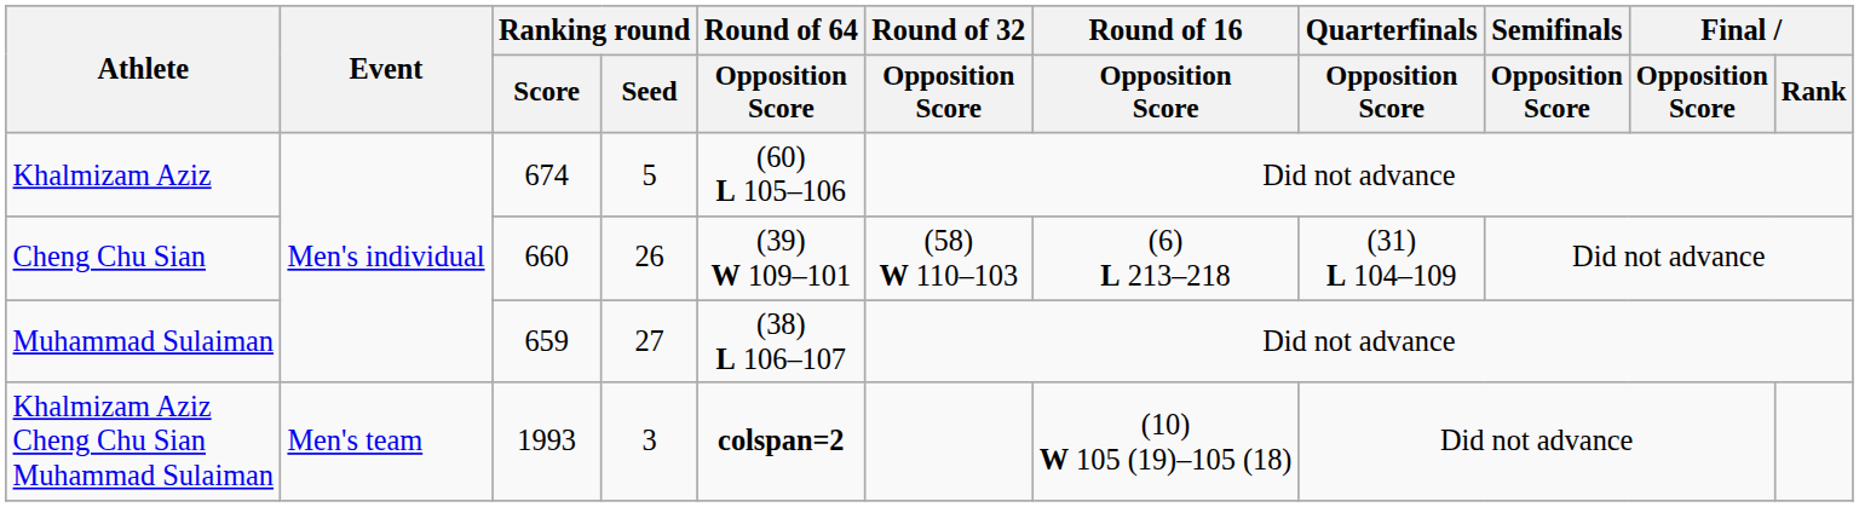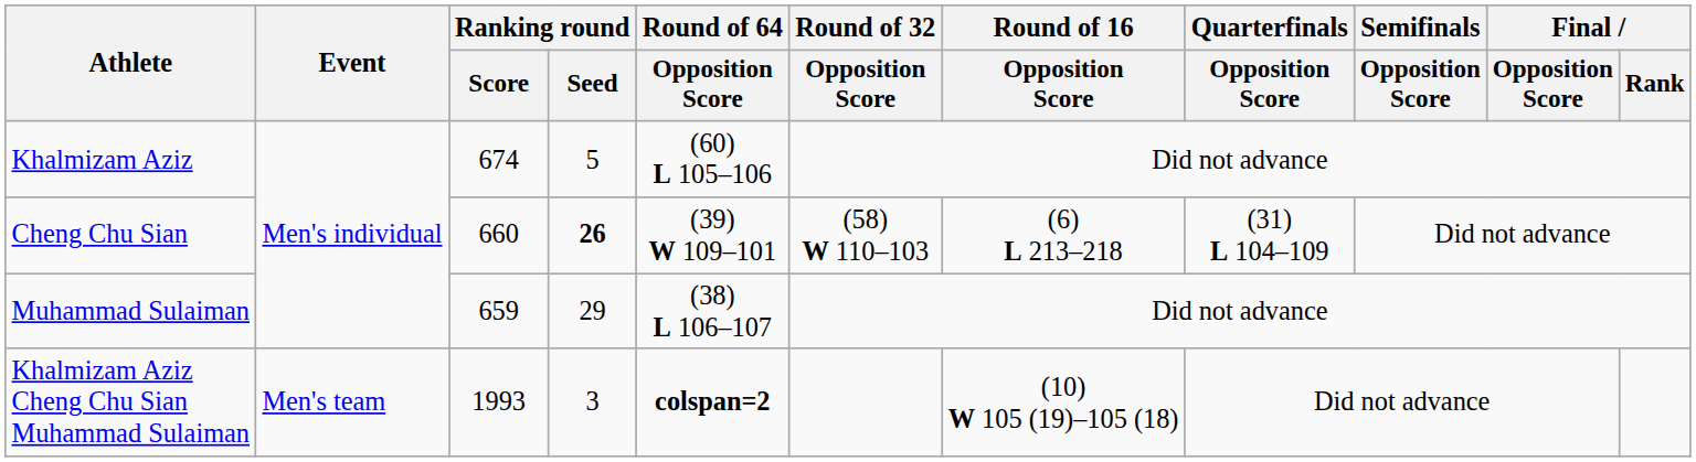 <table class="wikitable" style="font-size:90%">
 <tr>
 <th rowspan="2">Athlete</th>
 <th rowspan="2">Event</th>
 <th colspan="2">Ranking round</th>
 <th>Round of 64</th>
 <th>Round of 32</th>
 <th>Round of 16</th>
 <th>Quarterfinals</th>
 <th>Semifinals</th>
 <th colspan="2">Final / </th>
 </tr>
 <tr style="font-size:95%">
 <th>Score</th>
 <th>Seed</th>
 <th>Opposition<br>Score</th>
 <th>Opposition<br>Score</th>
 <th>Opposition<br>Score</th>
 <th>Opposition<br>Score</th>
 <th>Opposition<br>Score</th>
 <th>Opposition<br>Score</th>
 <th>Rank</th>
 </tr>
 <tr align=center>
 <td align=left><a href='#'>Khalmizam Aziz</a></td>
 <td align=left rowspan=3><a href='#'>Men's individual</a></td>
 <td>674</td>
 <td>5</td>
 <td> (60)<br><strong>L</strong> 105–106</td>
 <td colspan=6>Did not advance</td>
 </tr>
 <tr align=center>
 <td align=left><a href='#'>Cheng Chu Sian</a></td>
 <td>660</td>
-<td>26</td>
+<td><strong>26</strong></td>
 <td> (39)<br><strong>W</strong> 109–101</td>
 <td> (58)<br><strong>W</strong> 110–103</td>
 <td> (6)<br><strong>L</strong> 213–218</td>
 <td> (31)<br><strong>L</strong> 104–109</td>
 <td colspan=3>Did not advance</td>
 </tr>
 <tr align=center>
 <td align=left><a href='#'>Muhammad Sulaiman</a></td>
 <td>659</td>
-<td>27</td>
+<td>29</td>
 <td> (38)<br><strong>L</strong> 106–107</td>
 <td colspan=6>Did not advance</td>
 </tr>
 <tr align=center>
 <td align=left><a href='#'>Khalmizam Aziz</a><br><a href='#'>Cheng Chu Sian</a><br><a href='#'>Muhammad Sulaiman</a></td>
 <td align=left><a href='#'>Men's team</a></td>
 <td>1993</td>
 <td>3</td>
 <td><strong>colspan=2 </strong></td>
 <td></td>
 <td> (10)<br><strong>W</strong> 105 (19)–105 (18)</td>
 <td colspan=3>Did not advance</td>
 </tr>
 </table>
